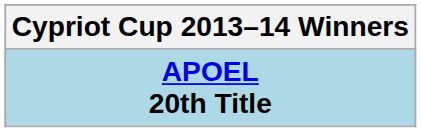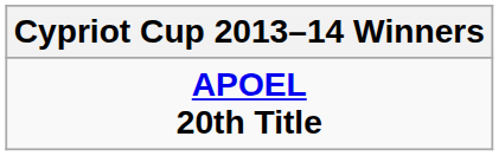 <table class="wikitable" style="text-align:center;margin: 0 auto;">
 <tr>
 <th>Cypriot Cup 2013–14 Winners</th>
 </tr>
 <tr>
-<td style="background: lightblue;"><strong><a href='#'>APOEL</a></strong><br><strong>20th Title</strong></td>
+<td><strong><a href='#'>APOEL</a></strong><br><strong>20th Title</strong></td>
 </tr>
 </table>
